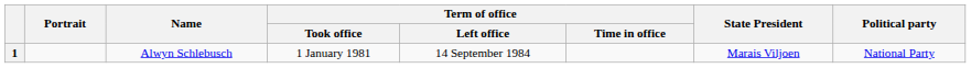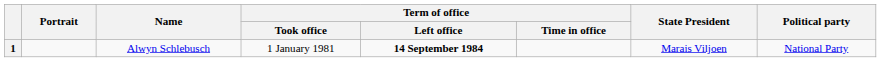 <table class="wikitable" width="100%" style="text-align:center;">
 <tr>
 <th rowspan="2"></th>
 <th rowspan="2" width="100px">Portrait</th>
 <th rowspan="2">Name<br></th>
 <th colspan="3">Term of office</th>
 <th rowspan="2">State President</th>
 <th rowspan="2">Political party</th>
 </tr>
 <tr>
 <th>Took office</th>
 <th>Left office</th>
 <th>Time in office</th>
 </tr>
 <tr>
 <th style="background:">1</th>
 <td></td>
 <td><a href='#'>Alwyn Schlebusch</a><br></td>
 <td>1 January 1981</td>
-<td>14 September 1984</td>
+<td><strong>14 September 1984</strong></td>
 <td></td>
 <td><a href='#'>Marais Viljoen</a></td>
 <td><a href='#'>National Party</a></td>
 </tr>
 </table>
